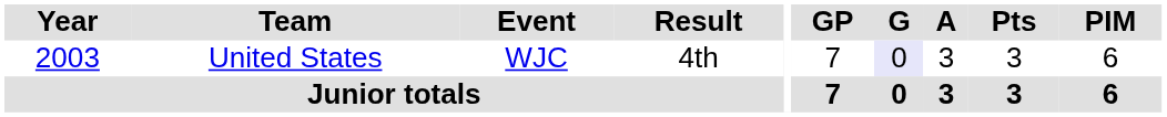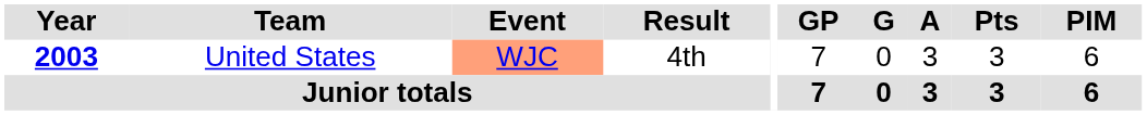 <table border="0" cellpadding="1" cellspacing="0" ID="Table3" style="text-align:center; width:40em">
 <tr ALIGN="center" bgcolor="#e0e0e0">
 <th>Year</th>
 <th>Team</th>
 <th>Event</th>
 <th>Result</th>
 <th rowspan="99" bgcolor="#ffffff"></th>
 <th>GP</th>
 <th>G</th>
 <th>A</th>
 <th>Pts</th>
 <th>PIM</th>
 </tr>
 <tr>
-<td><a href='#'>2003</a></td>
+<td><strong><a href='#'>2003</a></strong></td>
 <td><a href='#'>United States</a></td>
-<td><a href='#'>WJC</a></td>
+<td style="background: lightsalmon;"><a href='#'>WJC</a></td>
 <td>4th</td>
 <td>7</td>
-<td style="background: lavender;">0</td>
+<td>0</td>
 <td>3</td>
 <td>3</td>
 <td>6</td>
 </tr>
 <tr bgcolor="#e0e0e0">
 <th colspan="4">Junior totals</th>
 <th>7</th>
 <th>0</th>
 <th>3</th>
 <th>3</th>
 <th>6</th>
 </tr>
 </table>
